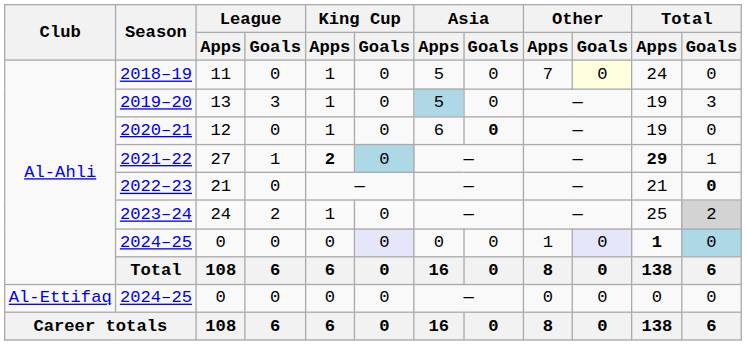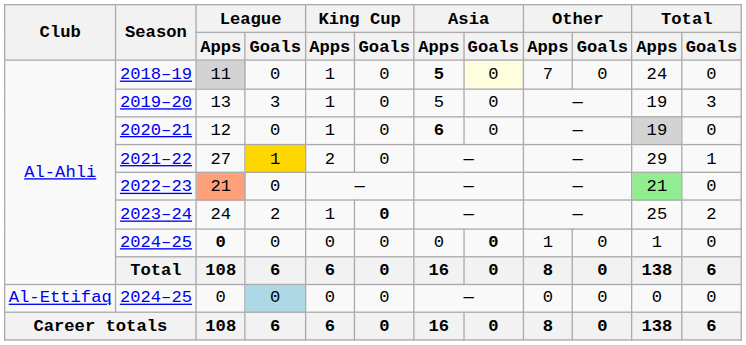 <table class="wikitable" style="text-align: center">
 <tr>
 <th rowspan=2>Club</th>
 <th rowspan=2>Season</th>
 <th colspan=2>League</th>
 <th colspan=2>King Cup</th>
 <th colspan=2>Asia</th>
 <th colspan=2>Other</th>
 <th colspan=2>Total</th>
 </tr>
 <tr>
 <th>Apps</th>
 <th>Goals</th>
 <th>Apps</th>
 <th>Goals</th>
 <th>Apps</th>
 <th>Goals</th>
 <th>Apps</th>
 <th>Goals</th>
 <th>Apps</th>
 <th>Goals</th>
 </tr>
 <tr>
 <td rowspan=8><a href='#'>Al-Ahli</a></td>
 <td><a href='#'>2018–19</a></td>
-<td>11</td>
+<td style="background: lightgrey;">11</td>
 <td>0</td>
 <td>1</td>
 <td>0</td>
-<td>5</td>
+<td><strong>5</strong></td>
+<td style="background: lightyellow;">0</td>
+<td>7</td>
 <td>0</td>
-<td>7</td>
-<td style="background: lightyellow;">0</td>
 <td>24</td>
 <td>0</td>
 </tr>
 <tr>
 <td><a href='#'>2019–20</a></td>
 <td>13</td>
 <td>3</td>
 <td>1</td>
 <td>0</td>
-<td style="background: lightblue;">5</td>
+<td>5</td>
 <td>0</td>
 <td colspan=2>—</td>
 <td>19</td>
 <td>3</td>
 </tr>
 <tr>
 <td><a href='#'>2020–21</a></td>
 <td>12</td>
 <td>0</td>
 <td>1</td>
 <td>0</td>
-<td>6</td>
-<td><strong>0</strong></td>
+<td><strong>6</strong></td>
+<td>0</td>
 <td colspan=2>—</td>
-<td>19</td>
+<td style="background: lightgrey;">19</td>
 <td>0</td>
 </tr>
 <tr>
 <td><a href='#'>2021–22</a></td>
 <td>27</td>
-<td>1</td>
-<td><strong>2</strong></td>
-<td style="background: lightblue;">0</td>
+<td style="background: gold;">1</td>
+<td>2</td>
+<td>0</td>
 <td colspan=2>—</td>
 <td colspan=2>—</td>
-<td><strong>29</strong></td>
+<td>29</td>
 <td>1</td>
 </tr>
 <tr>
 <td><a href='#'>2022–23</a></td>
-<td>21</td>
+<td style="background: lightsalmon;">21</td>
 <td>0</td>
 <td colspan=2>—</td>
 <td colspan=2>—</td>
 <td colspan=2>—</td>
-<td>21</td>
-<td><strong>0</strong></td>
+<td style="background: lightgreen;">21</td>
+<td>0</td>
 </tr>
 <tr>
 <td><a href='#'>2023–24</a></td>
 <td>24</td>
 <td>2</td>
 <td>1</td>
-<td>0</td>
+<td><strong>0</strong></td>
 <td colspan=2>—</td>
 <td colspan=2>—</td>
 <td>25</td>
-<td style="background: lightgrey;">2</td>
+<td>2</td>
 </tr>
 <tr>
 <td><a href='#'>2024–25</a></td>
+<td><strong>0</strong></td>
 <td>0</td>
 <td>0</td>
 <td>0</td>
-<td style="background: lavender;">0</td>
 <td>0</td>
+<td><strong>0</strong></td>
+<td>1</td>
 <td>0</td>
 <td>1</td>
-<td style="background: lavender;">0</td>
-<td><strong>1</strong></td>
-<td style="background: lightblue;">0</td>
+<td>0</td>
 </tr>
 <tr>
 <th>Total</th>
 <th>108</th>
 <th>6</th>
 <th>6</th>
 <th>0</th>
 <th>16</th>
 <th>0</th>
 <th>8</th>
 <th>0</th>
 <th>138</th>
 <th>6</th>
 </tr>
 <tr>
 <td rowspan=1><a href='#'>Al-Ettifaq</a></td>
 <td><a href='#'>2024–25</a></td>
 <td>0</td>
-<td>0</td>
+<td style="background: lightblue;">0</td>
 <td>0</td>
 <td>0</td>
 <td colspan=2>—</td>
 <td>0</td>
 <td>0</td>
 <td>0</td>
 <td>0</td>
 </tr>
 <tr>
 <th colspan=2>Career totals</th>
 <th>108</th>
 <th>6</th>
 <th>6</th>
 <th>0</th>
 <th>16</th>
 <th>0</th>
 <th>8</th>
 <th>0</th>
 <th>138</th>
 <th>6</th>
 </tr>
 </table>
